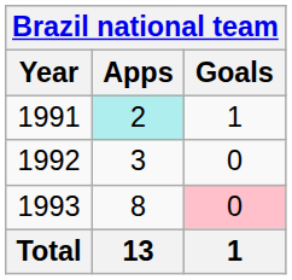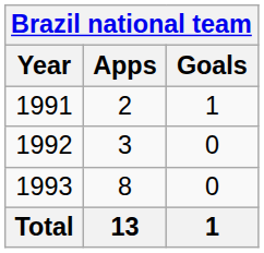 <table class="wikitable" style="text-align:center">
 <tr>
 <th colspan=3><a href='#'>Brazil national team</a></th>
 </tr>
 <tr>
 <th>Year</th>
 <th>Apps</th>
 <th>Goals</th>
 </tr>
 <tr>
 <td>1991</td>
-<td style="background: paleturquoise;">2</td>
+<td>2</td>
 <td>1</td>
 </tr>
 <tr>
 <td>1992</td>
 <td>3</td>
 <td>0</td>
 </tr>
 <tr>
 <td>1993</td>
 <td>8</td>
-<td style="background: pink;">0</td>
+<td>0</td>
 </tr>
 <tr>
 <th>Total</th>
 <th>13</th>
 <th>1</th>
 </tr>
 </table>
